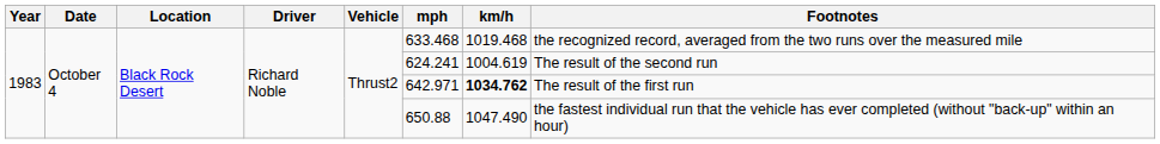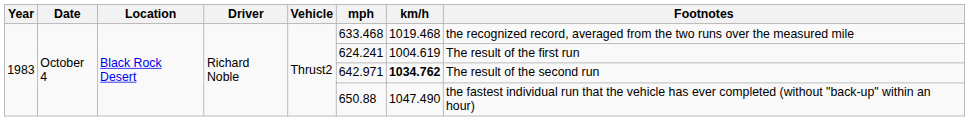 <table class="wikitable">
 <tr>
 <th>Year</th>
 <th>Date</th>
 <th>Location</th>
 <th>Driver</th>
 <th>Vehicle</th>
 <th>mph</th>
 <th>km/h</th>
 <th>Footnotes</th>
 </tr>
 <tr>
 <td rowspan="4">1983</td>
 <td rowspan="4">October 4</td>
 <td rowspan="4"><a href='#'>Black Rock Desert</a></td>
 <td rowspan="4">Richard Noble</td>
 <td rowspan="4">Thrust2</td>
 <td>633.468</td>
 <td>1019.468</td>
 <td>the recognized record, averaged from the two runs over the measured mile</td>
 </tr>
 <tr>
 <td>624.241</td>
 <td>1004.619</td>
-<td>The result of the second run</td>
+<td>The result of the first run</td>
 </tr>
 <tr>
 <td>642.971</td>
 <td><strong>1034.762</strong></td>
-<td>The result of the first run</td>
+<td>The result of the second run</td>
 </tr>
 <tr>
 <td>650.88</td>
 <td>1047.490</td>
 <td>the fastest individual run that the vehicle has ever completed (without "back-up" within an hour)</td>
 </tr>
 </table>
